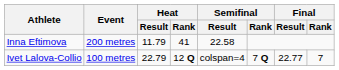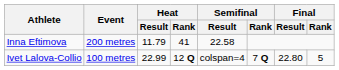 <table class=wikitable style=font-size:90%>
 <tr>
 <th rowspan=2>Athlete</th>
 <th rowspan=2>Event</th>
 <th colspan=2>Heat</th>
 <th colspan=2>Semifinal</th>
 <th colspan=2>Final</th>
 </tr>
 <tr style=font-size:95%>
 <th>Result</th>
 <th>Rank</th>
 <th>Result</th>
 <th>Rank</th>
 <th>Result</th>
 <th>Rank</th>
 </tr>
 <tr align=center>
 <td align=left><a href='#'>Inna Eftimova</a></td>
 <td align=left><a href='#'>200 metres</a></td>
 <td>11.79</td>
 <td>41</td>
 <td>22.58</td>
 </tr>
 <tr align=center>
 <td align=left><a href='#'>Ivet Lalova-Collio</a></td>
 <td align=left><a href='#'>100 metres</a></td>
-<td>22.79</td>
+<td>22.99</td>
 <td>12 <strong>Q</strong></td>
 <td>colspan=4 </td>
 <td>7 <strong>Q</strong></td>
-<td>22.77</td>
-<td>7</td>
+<td>22.80</td>
+<td>5</td>
 </tr>
 </table>
